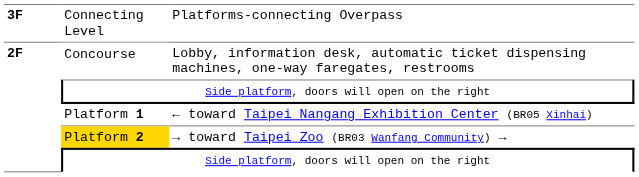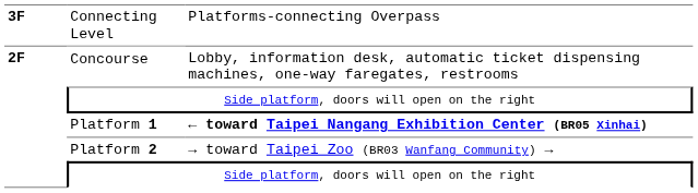 <table table border=0 cellspacing=0 cellpadding=3>
 <tr>
 <td style="border-bottom:solid 1px gray;border-top:solid 1px gray;" width=50 valign=top><strong>3F</strong></td>
 <td style="border-top:solid 1px gray;border-bottom:solid 1px gray;" width=100 valign=top>Connecting Level</td>
 <td style="border-top:solid 1px gray;border-bottom:solid 1px gray;" width=450 valign=top>Platforms-connecting Overpass</td>
 </tr>
 <tr>
 <td style="border-bottom:solid 1px gray;" width=50 rowspan=10 valign=top><strong>2F</strong></td>
 </tr>
 <tr>
 <td style="border-top:solid 1px white;" rowspan=2 valign=top>Concourse</td>
 </tr>
 <tr>
 <td>Lobby, information desk, automatic ticket dispensing machines, one-way faregates, restrooms</td>
 </tr>
 <tr>
 <td style="border-right:solid 2px black;border-left:solid 2px black;border-bottom:solid 2px black;border-top:solid 1px gray;text-align:center;" colspan=2><small><a href='#'>Side platform</a>, doors will open on the right</small></td>
 </tr>
 <tr>
 <td style="border-bottom:solid 1px gray;" width=100>Platform <span><strong>1</strong></span></td>
-<td style="border-bottom:solid 1px gray;" width=400>←  toward <a href='#'>Taipei Nangang Exhibition Center</a> <small>(BR05 <a href='#'>Xinhai</a>)</small></td>
+<td style="border-bottom:solid 1px gray;" width=400><strong>←  toward <a href='#'>Taipei Nangang Exhibition Center</a> <small>(BR05 <a href='#'>Xinhai</a>)</small></strong></td>
 </tr>
 <tr>
-<td style="background: gold;">Platform <span><strong>2</strong></span></td>
+<td>Platform <span><strong>2</strong></span></td>
 <td><span>→</span>  toward <a href='#'>Taipei Zoo</a> <small>(BR03 <a href='#'>Wanfang Community</a>)</small> →</td>
 </tr>
 <tr>
 <td style="border-top:solid 2px black;border-right:solid 2px black;border-left:solid 2px black;border-bottom:solid 1px white;text-align:center;" colspan=2><small><a href='#'>Side platform</a>, doors will open on the right</small></td>
 </tr>
 </table>
